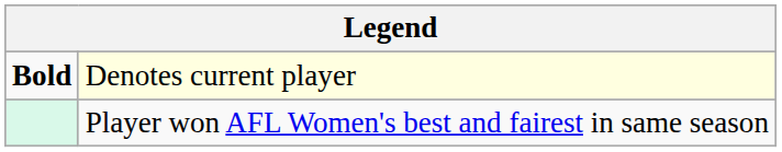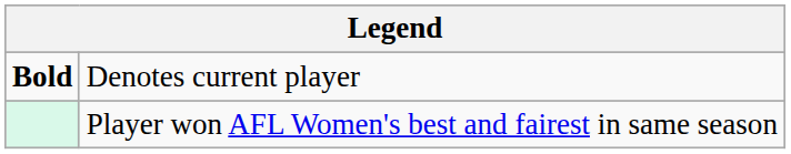 <table class="wikitable">
 <tr>
 <th colspan=2>Legend</th>
 </tr>
 <tr>
 <td><strong>Bold</strong></td>
-<td style="background: lightyellow;">Denotes current player</td>
+<td>Denotes current player</td>
 </tr>
 <tr>
 <td style="background:#D9F9E9"></td>
 <td>Player won <a href='#'>AFL Women's best and fairest</a> in same season</td>
 </tr>
 </table>
